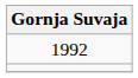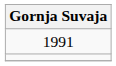 <table class="wikitable" style="margin: 0.5em auto; text-align: center;">
 <tr>
 <th colspan="1">Gornja Suvaja</th>
 </tr>
 <tr>
-<td>1992</td>
+<td>1991</td>
 </tr>
 <tr>
 <td></td>
 </tr>
 <tr>
 </tr>
 </table>
